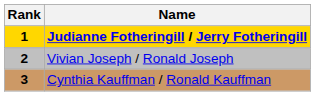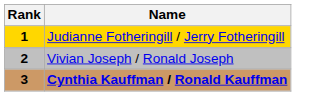 <table class="wikitable">
 <tr>
 <th>Rank</th>
 <th>Name</th>
 </tr>
 <tr bgcolor="gold">
 <td align="center"><strong>1</strong></td>
-<td><strong><a href='#'>Judianne Fotheringill</a> / <a href='#'>Jerry Fotheringill</a></strong></td>
+<td><a href='#'>Judianne Fotheringill</a> / <a href='#'>Jerry Fotheringill</a></td>
 </tr>
 <tr bgcolor="silver">
 <td align="center"><strong>2</strong></td>
 <td><a href='#'>Vivian Joseph</a> / <a href='#'>Ronald Joseph</a></td>
 </tr>
 <tr bgcolor="cc9966">
 <td align="center"><strong>3</strong></td>
-<td><a href='#'>Cynthia Kauffman</a> / <a href='#'>Ronald Kauffman</a></td>
+<td><strong><a href='#'>Cynthia Kauffman</a> / <a href='#'>Ronald Kauffman</a></strong></td>
 </tr>
 </table>
